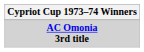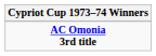 <table class="wikitable" style="text-align:center;margin: 0 auto;">
 <tr>
 <th>Cypriot Cup 1973–74 Winners</th>
 </tr>
 <tr>
 </tr>
 <tr>
-<td style="background: lightgrey;"><strong><a href='#'>AC Omonia</a></strong><br><strong>3rd title</strong></td>
+<td><strong><a href='#'>AC Omonia</a></strong><br><strong>3rd title</strong></td>
 </tr>
 </table>
